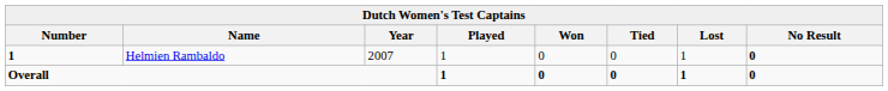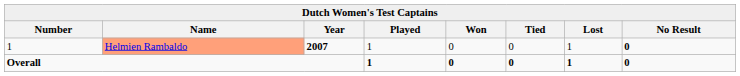 <table class="wikitable" style="width:70%;">
 <tr>
 <th style="background:#efefef;" colspan="9">Dutch Women's Test Captains</th>
 </tr>
 <tr style="background:#efefef;">
 <th>Number</th>
 <th>Name</th>
 <th>Year</th>
 <th>Played</th>
 <th>Won</th>
 <th>Tied</th>
 <th>Lost</th>
 <th>No Result</th>
 </tr>
 <tr>
-<td><strong>1</strong></td>
-<td><a href='#'>Helmien Rambaldo</a></td>
-<td>2007</td>
+<td>1</td>
+<td style="background: lightsalmon;"><a href='#'>Helmien Rambaldo</a></td>
+<td><strong>2007</strong></td>
 <td>1</td>
 <td>0</td>
 <td>0</td>
 <td>1</td>
 <td><strong>0</strong></td>
 </tr>
 <tr>
 <td colspan=3><strong>Overall</strong></td>
 <td><strong>1</strong></td>
 <td><strong>0</strong></td>
 <td><strong>0</strong></td>
 <td><strong>1</strong></td>
 <td><strong>0</strong></td>
 </tr>
 </table>
